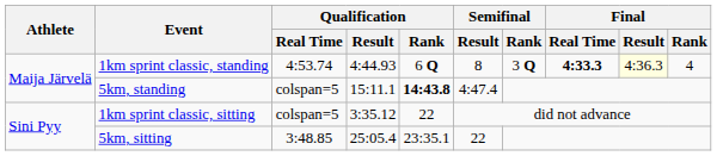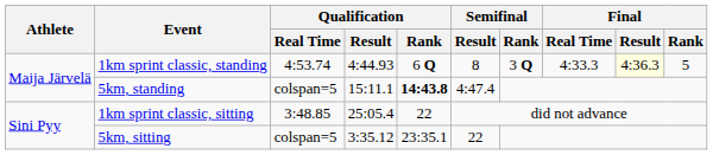 <table class="wikitable" style="font-size:100%">
 <tr>
 <th rowspan="2">Athlete</th>
 <th rowspan="2">Event</th>
 <th colspan="3">Qualification</th>
 <th colspan="2">Semifinal</th>
 <th colspan="3">Final</th>
 </tr>
 <tr>
 <th>Real Time</th>
 <th>Result</th>
 <th>Rank</th>
 <th>Result</th>
 <th>Rank</th>
 <th>Real Time</th>
 <th>Result</th>
 <th>Rank</th>
 </tr>
 <tr>
 <td rowspan=2><a href='#'>Maija Järvelä</a></td>
 <td><a href='#'>1km sprint classic, standing</a></td>
 <td align="center">4:53.74</td>
 <td align="center">4:44.93</td>
 <td align="center">6 <strong>Q</strong></td>
 <td align="center">8</td>
 <td align="center">3 <strong>Q</strong></td>
-<td align="center"><strong>4:33.3</strong></td>
+<td align="center">4:33.3</td>
 <td align="center" style="background: lightyellow;">4:36.3</td>
-<td align="center">4</td>
+<td align="center">5</td>
 </tr>
 <tr>
 <td><a href='#'>5km, standing</a></td>
 <td>colspan=5 </td>
 <td align="center">15:11.1</td>
 <td align="center"><strong>14:43.8</strong></td>
 <td align="center">4:47.4</td>
 </tr>
 <tr>
 <td rowspan=2><a href='#'>Sini Pyy</a></td>
 <td><a href='#'>1km sprint classic, sitting</a></td>
-<td>colspan=5 </td>
-<td align="center">3:35.12</td>
+<td align="center">3:48.85</td>
+<td align="center">25:05.4</td>
 <td align="center">22</td>
 <td align="center" colspan=5>did not advance</td>
 </tr>
 <tr>
 <td><a href='#'>5km, sitting</a></td>
-<td align="center">3:48.85</td>
-<td align="center">25:05.4</td>
+<td>colspan=5 </td>
+<td align="center">3:35.12</td>
 <td align="center">23:35.1</td>
 <td align="center">22</td>
 </tr>
 </table>
